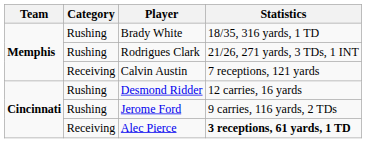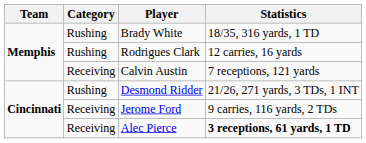 <table class="wikitable" style="float: left;">
 <tr>
 <th>Team</th>
 <th>Category</th>
 <th>Player</th>
 <th>Statistics</th>
 </tr>
 <tr>
 <td rowspan=3><strong>Memphis</strong></td>
 <td>Rushing</td>
 <td>Brady White</td>
 <td>18/35, 316 yards, 1 TD</td>
 </tr>
 <tr>
 <td>Rushing</td>
 <td>Rodrigues Clark</td>
-<td>21/26, 271 yards, 3 TDs, 1 INT</td>
+<td>12 carries, 16 yards</td>
 </tr>
 <tr>
 <td>Receiving</td>
 <td>Calvin Austin</td>
 <td>7 receptions, 121 yards</td>
 </tr>
 <tr>
 <td rowspan=3><strong>Cincinnati</strong></td>
 <td>Rushing</td>
 <td><a href='#'>Desmond Ridder</a></td>
-<td>12 carries, 16 yards</td>
+<td>21/26, 271 yards, 3 TDs, 1 INT</td>
 </tr>
 <tr>
-<td>Rushing</td>
+<td>Receiving</td>
 <td><a href='#'>Jerome Ford</a></td>
 <td>9 carries, 116 yards, 2 TDs</td>
 </tr>
 <tr>
 <td>Receiving</td>
 <td><a href='#'>Alec Pierce</a></td>
 <td><strong>3 receptions, 61 yards, 1 TD</strong></td>
 </tr>
 </table>
